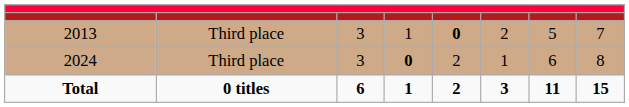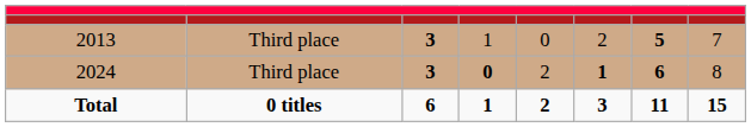 <table class="wikitable" style="text-align: center;font-size:90%;">
 <tr>
 <th style="background:#FF003F;" colspan=11></th>
 </tr>
 <tr>
 <th style="background:#B31B1B;" width=125></th>
 <th style="background:#B31B1B;" width=150></th>
 <th style="background:#B31B1B;" width=35></th>
 <th style="background:#B31B1B;" width=35></th>
 <th style="background:#B31B1B;" width=35></th>
 <th style="background:#B31B1B;" width=35></th>
 <th style="background:#B31B1B;" width=35></th>
 <th style="background:#B31B1B;" width=35></th>
 </tr>
 <tr bgcolor=#CFAA88>
 <td>2013</td>
 <td>Third place</td>
-<td>3</td>
+<td><strong>3</strong></td>
 <td>1</td>
-<td><strong>0</strong></td>
+<td>0</td>
 <td>2</td>
-<td>5</td>
+<td><strong>5</strong></td>
 <td>7</td>
 </tr>
 <tr bgcolor=#CFAA88>
 <td>2024</td>
 <td>Third place</td>
-<td>3</td>
+<td><strong>3</strong></td>
 <td><strong>0</strong></td>
 <td>2</td>
-<td>1</td>
-<td>6</td>
+<td><strong>1</strong></td>
+<td><strong>6</strong></td>
 <td>8</td>
 </tr>
 <tr>
 <td><strong>Total</strong></td>
 <td><strong>0 titles</strong></td>
 <td><strong>6</strong></td>
 <td><strong>1</strong></td>
 <td><strong>2</strong></td>
 <td><strong>3</strong></td>
 <td><strong>11</strong></td>
 <td><strong>15</strong></td>
 </tr>
 </table>
